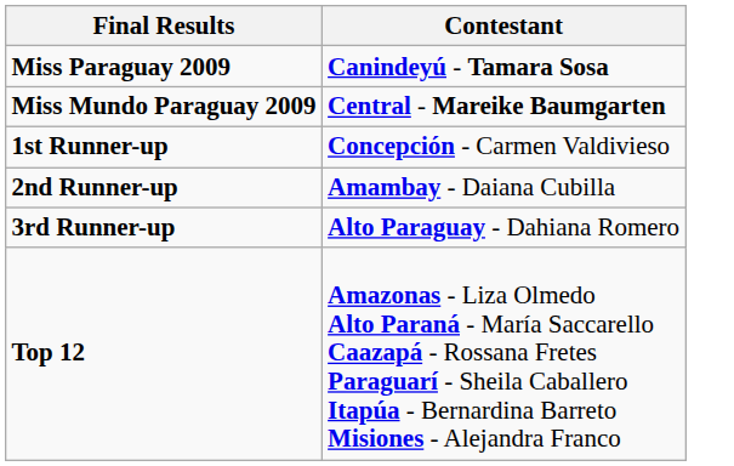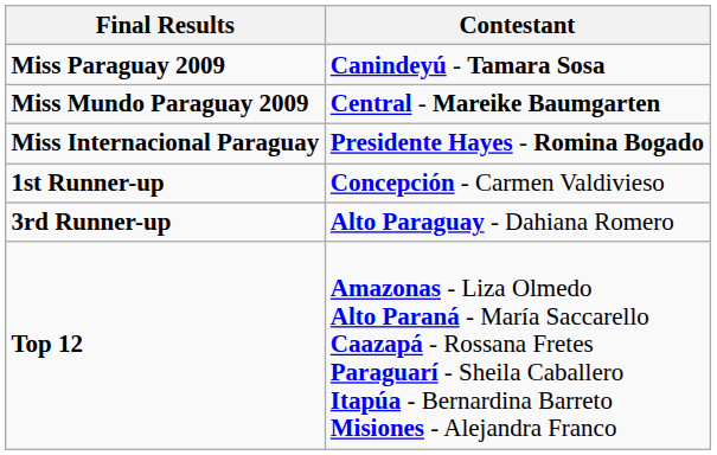 <table class="wikitable">
 <tr>
 <th>Final Results</th>
 <th>Contestant</th>
 </tr>
 <tr>
 <td><strong>Miss Paraguay 2009</strong></td>
 <td> <strong><a href='#'>Canindeyú</a></strong> - <strong>Tamara Sosa</strong></td>
 </tr>
 <tr>
 <td><strong>Miss Mundo Paraguay 2009</strong></td>
 <td> <strong><a href='#'>Central</a></strong> - <strong>Mareike Baumgarten</strong></td>
 </tr>
 <tr>
+<td><strong>Miss Internacional Paraguay</strong></td>
+<td> <strong><a href='#'>Presidente Hayes</a></strong> - <strong>Romina Bogado</strong></td>
+</tr>
+<tr>
 <td><strong>1st Runner-up</strong></td>
 <td> <strong><a href='#'>Concepción</a></strong> - Carmen Valdivieso</td>
-</tr>
-<tr>
-<td><strong>2nd Runner-up</strong></td>
-<td> <strong><a href='#'>Amambay</a></strong> - Daiana Cubilla</td>
 </tr>
 <tr>
 <td><strong>3rd Runner-up</strong></td>
 <td> <strong><a href='#'>Alto Paraguay</a></strong> - Dahiana Romero</td>
 </tr>
 <tr>
 <td><strong>Top 12</strong></td>
 <td><br> <strong><a href='#'>Amazonas</a></strong> - Liza Olmedo<br>  <strong><a href='#'>Alto Paraná</a></strong> - María Saccarello<br>  <strong><a href='#'>Caazapá</a></strong> - Rossana Fretes<br>  <strong><a href='#'>Paraguarí</a></strong> - Sheila Caballero<br>  <strong><a href='#'>Itapúa</a></strong> - Bernardina Barreto<br>  <strong><a href='#'>Misiones</a></strong> - Alejandra Franco<br></td>
 </tr>
 </table>
